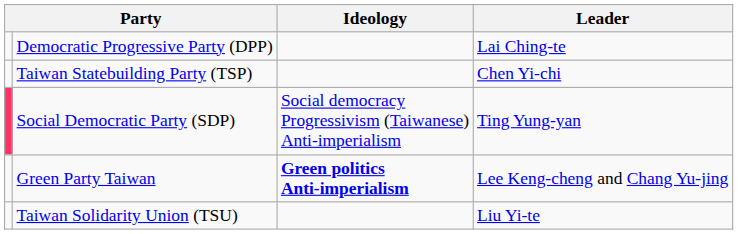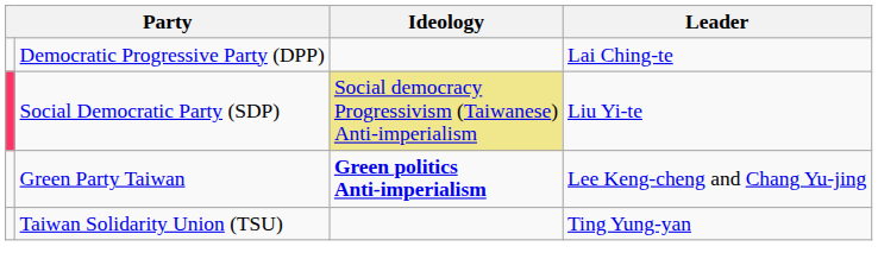 <table class="wikitable" style="text-align:left">
 <tr>
 <th colspan="2">Party</th>
 <th>Ideology</th>
 <th>Leader</th>
 </tr>
 <tr>
 <td></td>
 <td><a href='#'>Democratic Progressive Party</a> (DPP)<br></td>
 <td></td>
 <td><a href='#'>Lai Ching-te</a></td>
 </tr>
 <tr>
-<td></td>
-<td><a href='#'>Taiwan Statebuilding Party</a> (TSP)<br></td>
-<td></td>
-<td><a href='#'>Chen Yi-chi</a></td>
-</tr>
-<tr>
 <td bgcolor="#FF3366"></td>
 <td><a href='#'>Social Democratic Party</a> (SDP)<br></td>
-<td><a href='#'>Social democracy</a><br><a href='#'>Progressivism</a> (<a href='#'>Taiwanese</a>)<br><a href='#'>Anti-imperialism</a></td>
-<td><a href='#'>Ting Yung-yan</a></td>
+<td style="background: khaki;"><a href='#'>Social democracy</a><br><a href='#'>Progressivism</a> (<a href='#'>Taiwanese</a>)<br><a href='#'>Anti-imperialism</a></td>
+<td><a href='#'>Liu Yi-te</a></td>
 </tr>
 <tr>
 <td></td>
 <td><a href='#'>Green Party Taiwan</a><br></td>
 <td><strong><a href='#'>Green politics</a><br><a href='#'>Anti-imperialism</a></strong></td>
 <td><a href='#'>Lee Keng-cheng</a> and <a href='#'>Chang Yu-jing</a></td>
 </tr>
 <tr>
 <td></td>
 <td><a href='#'>Taiwan Solidarity Union</a> (TSU)<br></td>
 <td></td>
-<td><a href='#'>Liu Yi-te</a></td>
+<td><a href='#'>Ting Yung-yan</a></td>
 </tr>
 </table>
